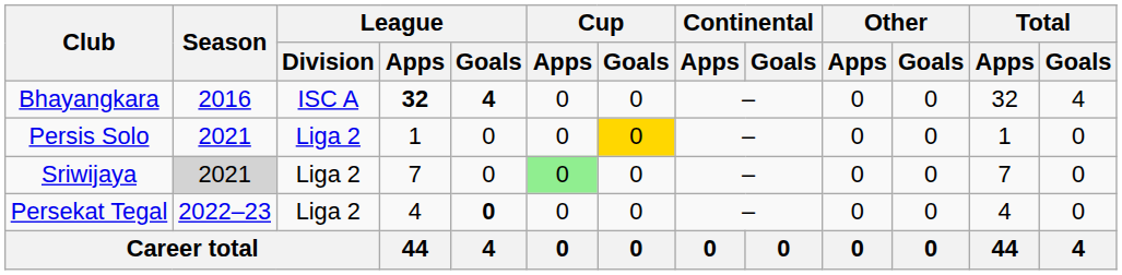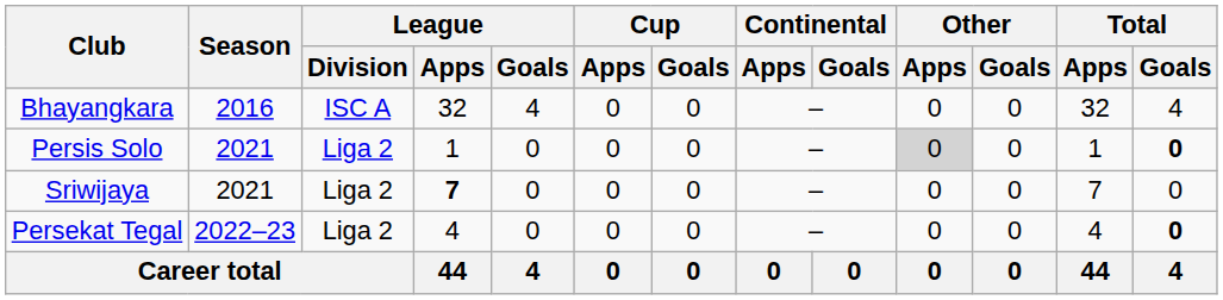 <table class="wikitable" style="text-align:center">
 <tr>
 <th rowspan="2">Club</th>
 <th rowspan="2">Season</th>
 <th colspan="3">League</th>
 <th colspan="2">Cup</th>
 <th colspan="2">Continental</th>
 <th colspan="2">Other</th>
 <th colspan="2">Total</th>
 </tr>
 <tr>
 <th>Division</th>
 <th>Apps</th>
 <th>Goals</th>
 <th>Apps</th>
 <th>Goals</th>
 <th>Apps</th>
 <th>Goals</th>
 <th>Apps</th>
 <th>Goals</th>
 <th>Apps</th>
 <th>Goals</th>
 </tr>
 <tr>
 <td rowspan="1" valign="center"><a href='#'>Bhayangkara</a></td>
 <td><a href='#'>2016</a></td>
 <td><a href='#'>ISC A</a></td>
-<td><strong>32</strong></td>
-<td><strong>4</strong></td>
+<td>32</td>
+<td>4</td>
 <td>0</td>
 <td>0</td>
 <td colspan="2">–</td>
 <td>0</td>
 <td>0</td>
 <td>32</td>
 <td>4</td>
 </tr>
 <tr>
 <td><a href='#'>Persis Solo</a></td>
 <td><a href='#'>2021</a></td>
 <td><a href='#'>Liga 2</a></td>
 <td>1</td>
 <td>0</td>
 <td>0</td>
-<td style="background: gold;">0</td>
+<td>0</td>
 <td colspan="2">–</td>
-<td>0</td>
+<td style="background: lightgrey;">0</td>
 <td>0</td>
 <td>1</td>
-<td>0</td>
+<td><strong>0</strong></td>
 </tr>
 <tr>
 <td><a href='#'>Sriwijaya</a></td>
-<td style="background: lightgrey;">2021</td>
+<td>2021</td>
 <td>Liga 2</td>
-<td>7</td>
+<td><strong>7</strong></td>
 <td>0</td>
-<td style="background: lightgreen;">0</td>
+<td>0</td>
 <td>0</td>
 <td colspan="2">–</td>
 <td>0</td>
 <td>0</td>
 <td>7</td>
 <td>0</td>
 </tr>
 <tr>
 <td><a href='#'>Persekat Tegal</a></td>
 <td><a href='#'>2022–23</a></td>
 <td>Liga 2</td>
 <td>4</td>
-<td><strong>0</strong></td>
+<td>0</td>
 <td>0</td>
 <td>0</td>
 <td colspan="2">–</td>
 <td>0</td>
 <td>0</td>
 <td>4</td>
-<td>0</td>
+<td><strong>0</strong></td>
 </tr>
 <tr>
 <th colspan="3">Career total</th>
 <th>44</th>
 <th>4</th>
 <th>0</th>
 <th>0</th>
 <th>0</th>
 <th>0</th>
 <th>0</th>
 <th>0</th>
 <th>44</th>
 <th>4</th>
 </tr>
 </table>
